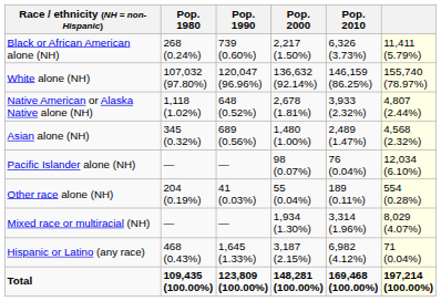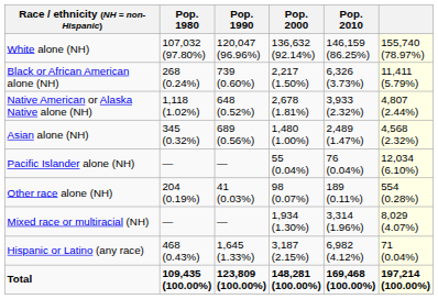 <table class="wikitable sortable collapsible" style="font-size: 95%;">
 <tr>
 <th>Race / ethnicity <small>(<em>NH = non-Hispanic</em>)</small></th>
 <th>Pop. 1980</th>
 <th>Pop. 1990</th>
 <th>Pop. 2000</th>
 <th>Pop. 2010</th>
 <th></th>
 </tr>
 <tr>
+<td><a href='#'>White</a> alone (NH)</td>
+<td>107,032<br>(97.80%)</td>
+<td>120,047<br>(96.96%)</td>
+<td>136,632<br>(92.14%)</td>
+<td>146,159<br>(86.25%)</td>
+<td style='background: #ffffe6;'>155,740<br>(78.97%)</td>
+</tr>
+<tr>
 <td><a href='#'>Black or African American</a> alone (NH)</td>
 <td>268<br>(0.24%)</td>
 <td>739<br>(0.60%)</td>
 <td>2,217<br>(1.50%)</td>
 <td>6,326<br>(3.73%)</td>
 <td style='background: #ffffe6;'>11,411<br>(5.79%)</td>
-</tr>
-<tr>
-<td><a href='#'>White</a> alone (NH)</td>
-<td>107,032<br>(97.80%)</td>
-<td>120,047<br>(96.96%)</td>
-<td>136,632<br>(92.14%)</td>
-<td>146,159<br>(86.25%)</td>
-<td style='background: #ffffe6;'>155,740<br>(78.97%)</td>
 </tr>
 <tr>
 <td><a href='#'>Native American</a> or <a href='#'>Alaska Native</a> alone (NH)</td>
 <td>1,118<br>(1.02%)</td>
 <td>648<br>(0.52%)</td>
 <td>2,678<br>(1.81%)</td>
 <td>3,933<br>(2.32%)</td>
 <td style='background: #ffffe6;'>4,807<br>(2.44%)</td>
 </tr>
 <tr>
 <td><a href='#'>Asian</a> alone (NH)</td>
 <td>345<br>(0.32%)</td>
 <td>689<br>(0.56%)</td>
 <td>1,480<br>(1.00%)</td>
 <td>2,489<br>(1.47%)</td>
 <td style='background: #ffffe6;'>4,568<br>(2.32%)</td>
 </tr>
 <tr>
 <td><a href='#'>Pacific Islander</a> alone (NH)</td>
 <td>—</td>
 <td>—</td>
-<td>98<br>(0.07%)</td>
+<td>55<br>(0.04%)</td>
 <td>76<br>(0.04%)</td>
 <td style='background: #ffffe6;'>12,034<br>(6.10%)</td>
 </tr>
 <tr>
 <td><a href='#'>Other race</a> alone (NH)</td>
 <td>204<br>(0.19%)</td>
 <td>41<br>(0.03%)</td>
-<td>55<br>(0.04%)</td>
+<td>98<br>(0.07%)</td>
 <td>189<br>(0.11%)</td>
 <td style='background: #ffffe6;'>554<br>(0.28%)</td>
 </tr>
 <tr>
 <td><a href='#'>Mixed race or multiracial</a> (NH)</td>
 <td>—</td>
 <td>—</td>
 <td>1,934<br>(1.30%)</td>
 <td>3,314<br>(1.96%)</td>
 <td style='background: #ffffe6;'>8,029<br>(4.07%)</td>
 </tr>
 <tr>
 <td><a href='#'>Hispanic or Latino</a> (any race)</td>
 <td>468<br>(0.43%)</td>
 <td>1,645<br>(1.33%)</td>
 <td>3,187<br>(2.15%)</td>
 <td>6,982<br>(4.12%)</td>
 <td style='background: #ffffe6;'>71<br>(0.04%)</td>
 </tr>
 <tr>
 <td><strong>Total</strong></td>
 <td><strong>109,435<br>(100.00%)</strong></td>
 <td><strong>123,809<br>(100.00%)</strong></td>
 <td><strong>148,281<br>(100.00%)</strong></td>
 <td><strong>169,468<br>(100.00%)</strong></td>
 <td style='background: #ffffe6;'><strong>197,214<br>(100.00%)</strong></td>
 </tr>
 </table>
